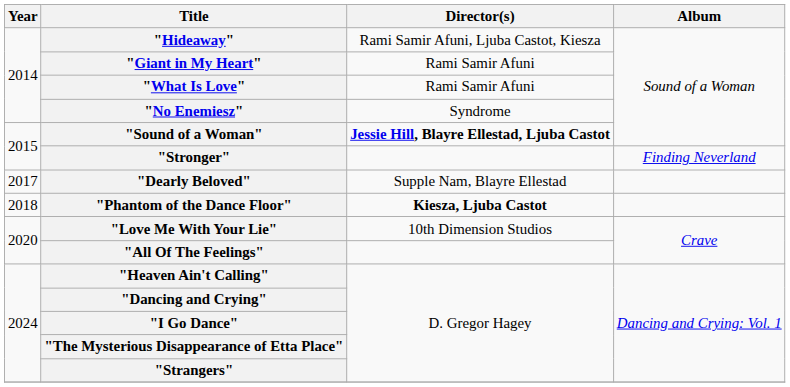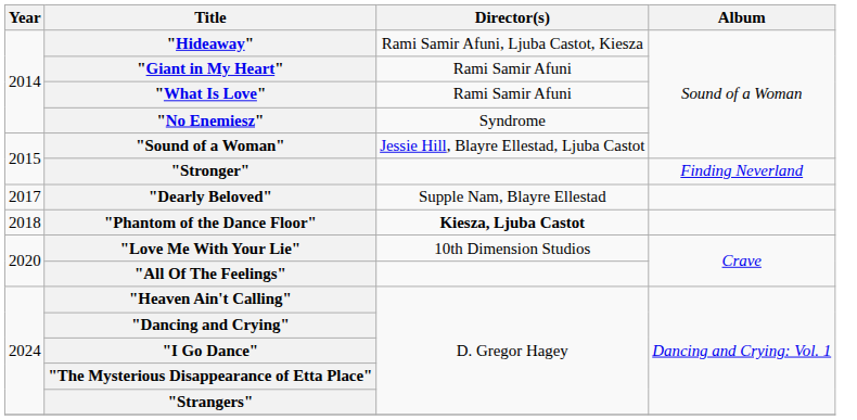 <table class="wikitable sortable plainrowheaders" style="text-align: center;">
 <tr>
 <th scope="col">Year</th>
 <th scope="col">Title</th>
 <th scope="col">Director(s)</th>
 <th scope="col">Album</th>
 </tr>
 <tr>
 <td rowspan="4">2014</td>
 <th scope="row">"<a href='#'>Hideaway</a>"</th>
 <td>Rami Samir Afuni, Ljuba Castot, Kiesza</td>
 <td rowspan="5"><em>Sound of a Woman</em></td>
 </tr>
 <tr>
 <th scope="row">"<a href='#'>Giant in My Heart</a>"</th>
 <td>Rami Samir Afuni</td>
 </tr>
 <tr>
 <th scope="row">"<a href='#'>What Is Love</a>"</th>
 <td>Rami Samir Afuni</td>
 </tr>
 <tr>
 <th scope="row">"<a href='#'>No Enemiesz</a>"</th>
 <td>Syndrome</td>
 </tr>
 <tr>
 <td rowspan="2">2015</td>
 <th scope="row">"Sound of a Woman"</th>
-<td><strong><a href='#'>Jessie Hill</a>, Blayre Ellestad, Ljuba Castot</strong></td>
+<td><a href='#'>Jessie Hill</a>, Blayre Ellestad, Ljuba Castot</td>
 </tr>
 <tr>
 <th scope="row">"Stronger"</th>
 <td></td>
 <td><em><a href='#'>Finding Neverland</a></em></td>
 </tr>
 <tr>
 <td>2017</td>
 <th scope="row">"Dearly Beloved"</th>
 <td>Supple Nam, Blayre Ellestad</td>
 <td></td>
 </tr>
 <tr>
 <td>2018</td>
 <th scope="row">"Phantom of the Dance Floor"</th>
 <td><strong>Kiesza, Ljuba Castot</strong></td>
 <td></td>
 </tr>
 <tr>
 <td rowspan="2">2020</td>
 <th scope="row">"Love Me With Your Lie"</th>
 <td>10th Dimension Studios</td>
 <td rowspan="2"><em><a href='#'>Crave</a></em></td>
 </tr>
 <tr>
 <th scope="row">"All Of The Feelings"</th>
 <td></td>
 </tr>
 <tr>
 <td rowspan="5">2024</td>
 <th scope="row">"Heaven Ain't Calling"</th>
 <td rowspan="5">D. Gregor Hagey</td>
 <td rowspan="5"><em><a href='#'>Dancing and Crying: Vol. 1 </a></em></td>
 </tr>
 <tr>
 <th scope="row">"Dancing and Crying"</th>
 </tr>
 <tr>
 <th scope="row">"I Go Dance"</th>
 </tr>
 <tr>
 <th scope="row">"The Mysterious Disappearance of Etta Place"</th>
 </tr>
 <tr>
 <th scope="row">"Strangers"</th>
 </tr>
 <tr>
 </tr>
 </table>
